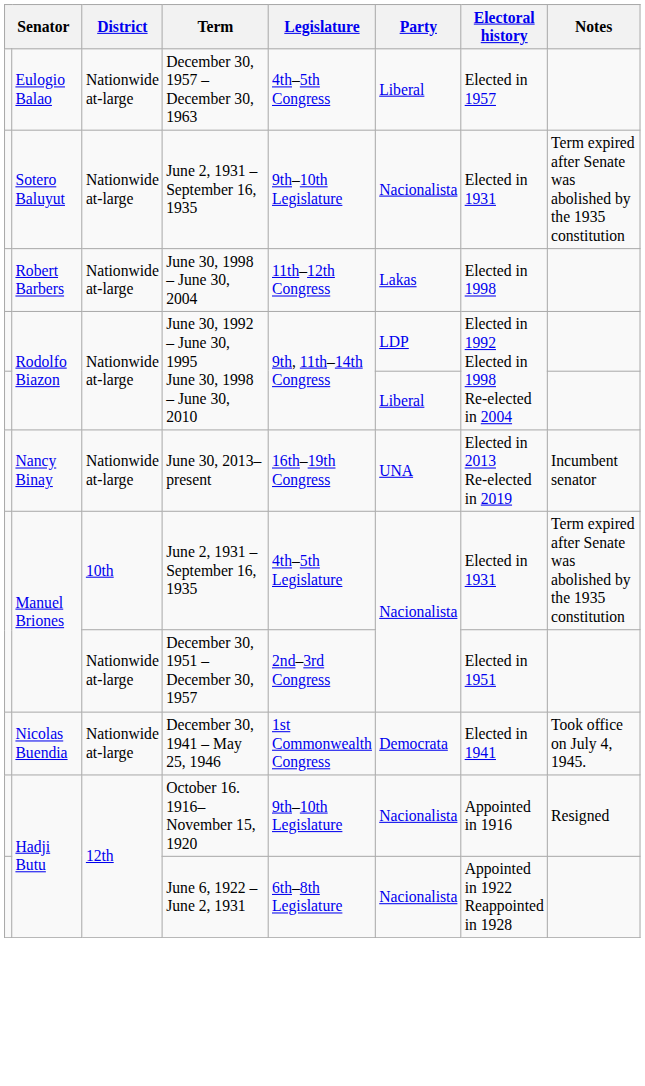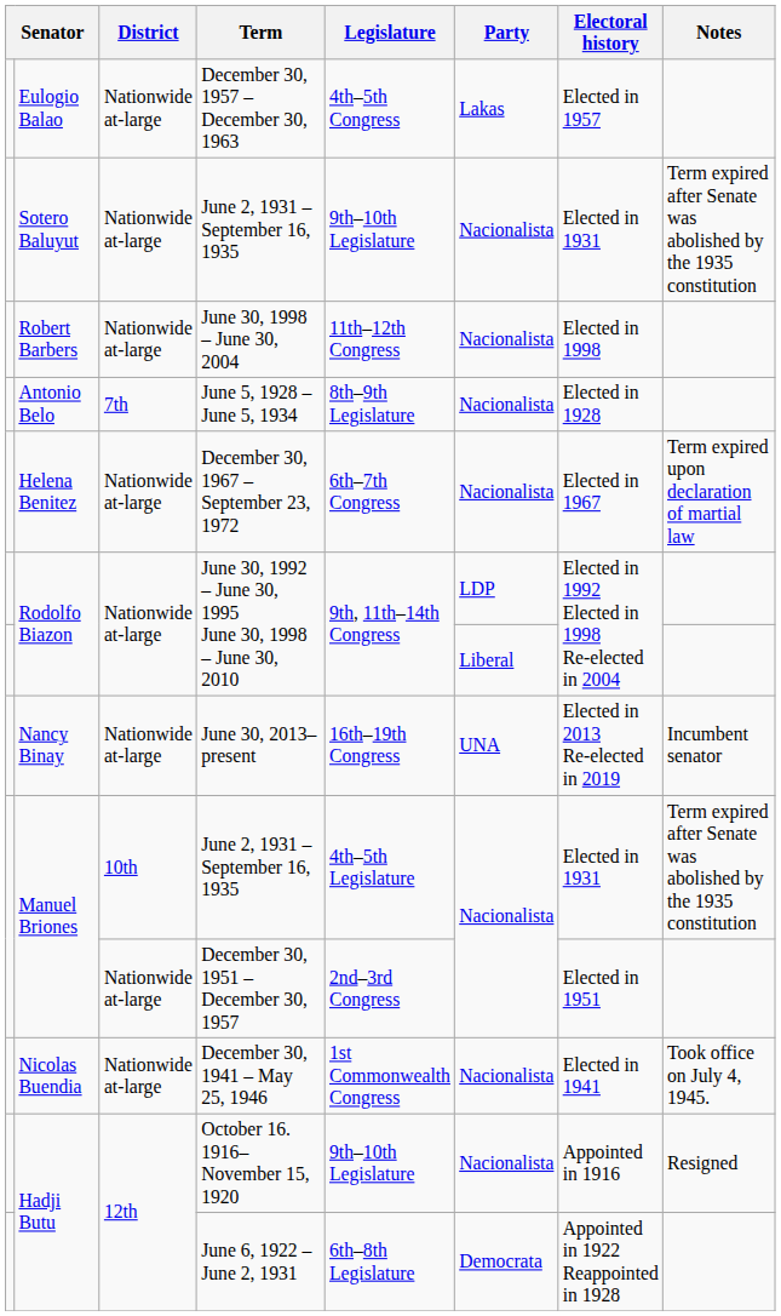 <table class="wikitable" style="font-size:95%" width=99%>
 <tr>
 <th width=15% colspan="2">Senator</th>
 <th width=8%><a href='#'>District</a></th>
 <th width=25%>Term</th>
 <th width=12%><a href='#'>Legislature</a></th>
 <th width=10%><a href='#'>Party</a></th>
 <th width=12.5%><a href='#'>Electoral history</a></th>
 <th width=17.5%>Notes</th>
 </tr>
 <tr>
 <td width=1% style="background-color:"></td>
 <td><a href='#'>Eulogio Balao</a></td>
 <td>Nationwide at-large</td>
 <td>December 30, 1957 – December 30, 1963</td>
 <td><a href='#'>4th</a>–<a href='#'>5th Congress</a></td>
-<td><a href='#'>Liberal</a></td>
+<td><a href='#'>Lakas</a></td>
 <td>Elected in <a href='#'>1957</a></td>
 <td></td>
 </tr>
 <tr>
 <td style="background-color:"></td>
 <td><a href='#'>Sotero Baluyut</a></td>
 <td>Nationwide at-large</td>
 <td>June 2, 1931 – September 16, 1935</td>
 <td><a href='#'>9th</a>–<a href='#'>10th Legislature</a></td>
 <td><a href='#'>Nacionalista</a></td>
 <td>Elected in <a href='#'>1931</a></td>
 <td>Term expired after Senate was abolished by the 1935 constitution</td>
 </tr>
 <tr>
 <td style="background-color:"></td>
 <td><a href='#'>Robert Barbers</a></td>
 <td>Nationwide at-large</td>
 <td>June 30, 1998 – June 30, 2004</td>
 <td><a href='#'>11th</a>–<a href='#'>12th Congress</a></td>
-<td><a href='#'>Lakas</a></td>
+<td><a href='#'>Nacionalista</a></td>
 <td>Elected in <a href='#'>1998</a></td>
 <td></td>
+</tr>
+<tr>
+<td style="background-color:"></td>
+<td><a href='#'>Antonio Belo</a></td>
+<td><a href='#'>7th</a></td>
+<td>June 5, 1928 – June 5, 1934</td>
+<td><a href='#'>8th</a>–<a href='#'>9th Legislature</a></td>
+<td><a href='#'>Nacionalista</a></td>
+<td>Elected in <a href='#'>1928</a></td>
+<td></td>
+</tr>
+<tr>
+<td style="background-color:"></td>
+<td><a href='#'>Helena Benitez</a></td>
+<td>Nationwide at-large</td>
+<td>December 30, 1967 – September 23, 1972</td>
+<td><a href='#'>6th</a>–<a href='#'>7th Congress</a></td>
+<td><a href='#'>Nacionalista</a></td>
+<td>Elected in <a href='#'>1967</a></td>
+<td>Term expired upon <a href='#'>declaration of martial law</a></td>
 </tr>
 <tr>
 <td style="background-color:"></td>
 <td rowspan="2"><a href='#'>Rodolfo Biazon</a></td>
 <td rowspan="2">Nationwide at-large</td>
 <td rowspan="2">June 30, 1992 – June 30, 1995<br>June 30, 1998 – June 30, 2010</td>
 <td rowspan="2"><a href='#'>9th</a>, <a href='#'>11th</a>–<a href='#'>14th Congress</a></td>
 <td><a href='#'>LDP</a></td>
 <td rowspan="2">Elected in <a href='#'>1992</a><br>Elected in <a href='#'>1998</a><br>Re-elected in <a href='#'>2004</a></td>
 <td></td>
 </tr>
 <tr>
 <td style="background-color:"></td>
 <td><a href='#'>Liberal</a></td>
 <td></td>
 </tr>
 <tr>
 <td style="background-color:"></td>
 <td><a href='#'>Nancy Binay</a></td>
 <td>Nationwide at-large</td>
 <td>June 30, 2013–present</td>
 <td><a href='#'>16th</a>–<a href='#'>19th Congress</a></td>
 <td><a href='#'>UNA</a></td>
 <td>Elected in <a href='#'>2013</a><br>Re-elected in <a href='#'>2019</a></td>
 <td>Incumbent senator</td>
 </tr>
 <tr>
 <td rowspan="2" style="background-color:"></td>
 <td rowspan="2"><a href='#'>Manuel Briones</a></td>
 <td><a href='#'>10th</a></td>
 <td>June 2, 1931 – September 16, 1935</td>
 <td><a href='#'>4th</a>–<a href='#'>5th Legislature</a></td>
 <td rowspan="2"><a href='#'>Nacionalista</a></td>
 <td>Elected in <a href='#'>1931</a></td>
 <td>Term expired after Senate was abolished by the 1935 constitution</td>
 </tr>
 <tr>
 <td>Nationwide at-large</td>
 <td>December 30, 1951 – December 30, 1957</td>
 <td><a href='#'>2nd</a>–<a href='#'>3rd Congress</a></td>
 <td>Elected in <a href='#'>1951</a></td>
 <td></td>
 </tr>
 <tr>
 <td style="background-color:"></td>
 <td><a href='#'>Nicolas Buendia</a></td>
 <td>Nationwide at-large</td>
 <td>December 30, 1941 – May 25, 1946</td>
 <td><a href='#'>1st Commonwealth Congress</a></td>
-<td><a href='#'>Democrata</a></td>
+<td><a href='#'>Nacionalista</a></td>
 <td>Elected in <a href='#'>1941</a></td>
 <td>Took office on July 4, 1945.</td>
 </tr>
 <tr>
 <td style="background-color:"></td>
 <td rowspan="2"><a href='#'>Hadji Butu</a></td>
 <td rowspan="2"><a href='#'>12th</a></td>
 <td>October 16. 1916–November 15, 1920</td>
 <td><a href='#'>9th</a>–<a href='#'>10th Legislature</a></td>
 <td><a href='#'>Nacionalista</a></td>
 <td>Appointed in 1916</td>
 <td>Resigned</td>
 </tr>
 <tr>
 <td style="background-color:"></td>
 <td>June 6, 1922 – June 2, 1931</td>
 <td><a href='#'>6th</a>–<a href='#'>8th Legislature</a></td>
-<td><a href='#'>Nacionalista</a></td>
+<td><a href='#'>Democrata</a></td>
 <td>Appointed in 1922<br>Reappointed in 1928</td>
 <td></td>
 </tr>
 </table>
